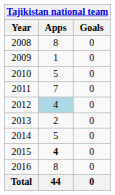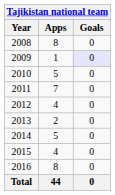 <table class="wikitable" style="text-align:center">
 <tr>
 <th colspan=3><a href='#'>Tajikistan national team</a></th>
 </tr>
 <tr>
 <th>Year</th>
 <th>Apps</th>
 <th>Goals</th>
 </tr>
 <tr>
 <td>2008</td>
 <td>8</td>
 <td>0</td>
 </tr>
 <tr>
 <td>2009</td>
 <td>1</td>
-<td>0</td>
+<td style="background: lavender;">0</td>
 </tr>
 <tr>
 <td>2010</td>
 <td>5</td>
 <td>0</td>
 </tr>
 <tr>
 <td>2011</td>
 <td>7</td>
 <td>0</td>
 </tr>
 <tr>
 <td>2012</td>
-<td style="background: lightblue;">4</td>
+<td>4</td>
 <td>0</td>
 </tr>
 <tr>
 <td>2013</td>
 <td>2</td>
 <td>0</td>
 </tr>
 <tr>
 <td>2014</td>
 <td>5</td>
 <td>0</td>
 </tr>
 <tr>
 <td>2015</td>
-<td><strong>4</strong></td>
+<td>4</td>
 <td>0</td>
 </tr>
 <tr>
 <td>2016</td>
 <td>8</td>
 <td>0</td>
 </tr>
 <tr>
 <th>Total</th>
 <th>44</th>
 <th>0</th>
 </tr>
 </table>
